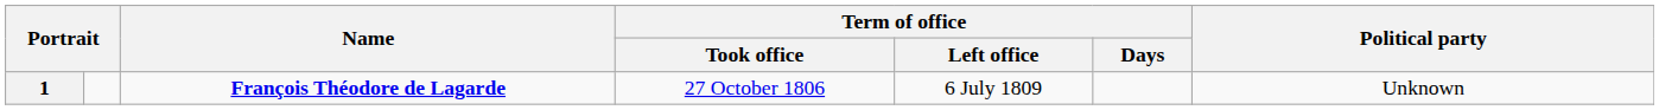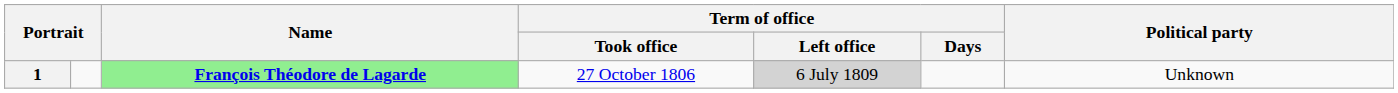 <table class="wikitable" style="text-align:center; width:100%; border:1px #AAAAFF solid">
 <tr>
 <th width=80px rowspan=2 colspan=2>Portrait</th>
 <th width=30% rowspan=2>Name<br></th>
 <th width=35% colspan=3>Term of office</th>
 <th width=28% rowspan=2>Political party</th>
 </tr>
 <tr>
 <th>Took office</th>
 <th>Left office</th>
 <th>Days</th>
 </tr>
 <tr>
 <th style="background:">1</th>
 <td></td>
-<td><strong><a href='#'>François Théodore de Lagarde</a></strong><br></td>
+<td style="background: lightgreen;"><strong><a href='#'>François Théodore de Lagarde</a></strong><br></td>
 <td><a href='#'>27 October 1806</a></td>
-<td>6 July 1809</td>
+<td style="background: lightgrey;">6 July 1809</td>
 <td></td>
 <td>Unknown</td>
 </tr>
 </table>
